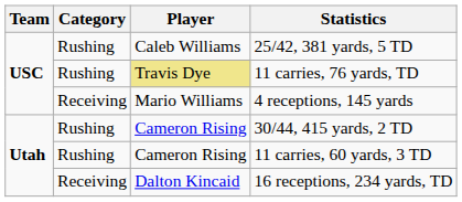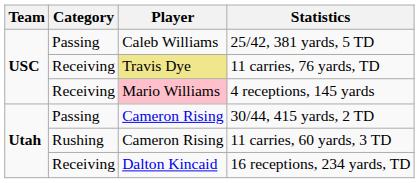 <table class="wikitable" style="float: right;">
 <tr>
 <th>Team</th>
 <th>Category</th>
 <th>Player</th>
 <th>Statistics</th>
 </tr>
 <tr>
 <td rowspan=3><strong>USC</strong></td>
-<td>Rushing</td>
+<td>Passing</td>
 <td>Caleb Williams</td>
 <td>25/42, 381 yards, 5 TD</td>
 </tr>
 <tr>
-<td>Rushing</td>
+<td>Receiving</td>
 <td style="background: khaki;">Travis Dye</td>
 <td>11 carries, 76 yards, TD</td>
 </tr>
 <tr>
 <td>Receiving</td>
-<td>Mario Williams</td>
+<td style="background: pink;">Mario Williams</td>
 <td>4 receptions, 145 yards</td>
 </tr>
 <tr>
 <td rowspan=3><strong>Utah</strong></td>
-<td>Rushing</td>
+<td>Passing</td>
 <td><a href='#'>Cameron Rising</a></td>
 <td>30/44, 415 yards, 2 TD</td>
 </tr>
 <tr>
 <td>Rushing</td>
 <td>Cameron Rising</td>
 <td>11 carries, 60 yards, 3 TD</td>
 </tr>
 <tr>
 <td>Receiving</td>
 <td><a href='#'>Dalton Kincaid</a></td>
 <td>16 receptions, 234 yards, TD</td>
 </tr>
 </table>
